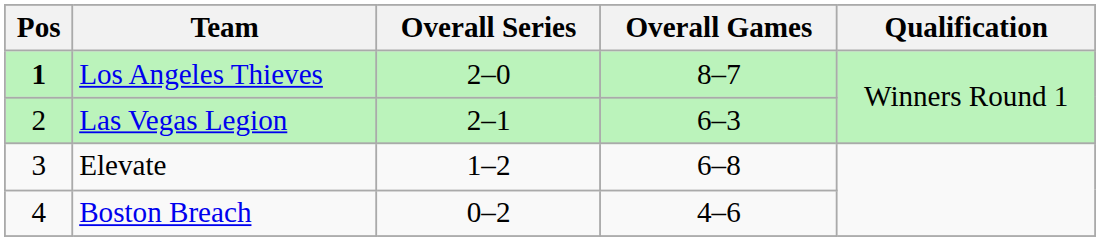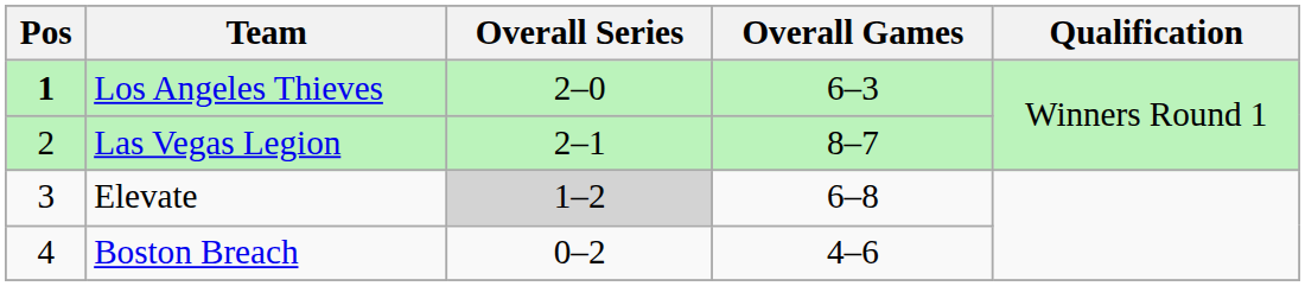 <table class="wikitable" width="600px" style="text-align:center">
 <tr>
 <th>Pos</th>
 <th>Team</th>
 <th>Overall Series</th>
 <th>Overall Games</th>
 <th>Qualification</th>
 </tr>
 <tr style="background:#BBF3BB">
 <td><strong>1</strong></td>
 <td style="text-align:left"><a href='#'>Los Angeles Thieves</a></td>
 <td>2–0</td>
-<td>8–7</td>
+<td>6–3</td>
 <td rowspan="2">Winners Round 1</td>
 </tr>
 <tr style="background:#BBF3BB">
 <td>2</td>
 <td style="text-align:left"><a href='#'>Las Vegas Legion</a></td>
 <td>2–1</td>
-<td>6–3</td>
+<td>8–7</td>
 </tr>
 <tr>
 <td>3</td>
 <td style="text-align:left;">Elevate</td>
-<td>1–2</td>
+<td style="background: lightgrey;">1–2</td>
 <td>6–8</td>
 </tr>
 <tr>
 <td>4</td>
 <td style="text-align:left;"><a href='#'>Boston Breach</a></td>
 <td>0–2</td>
 <td>4–6</td>
 </tr>
 </table>
